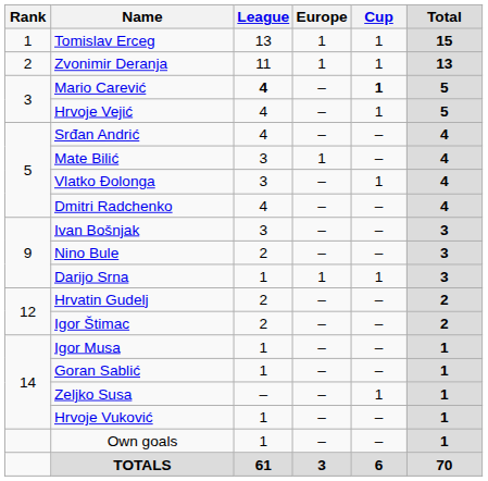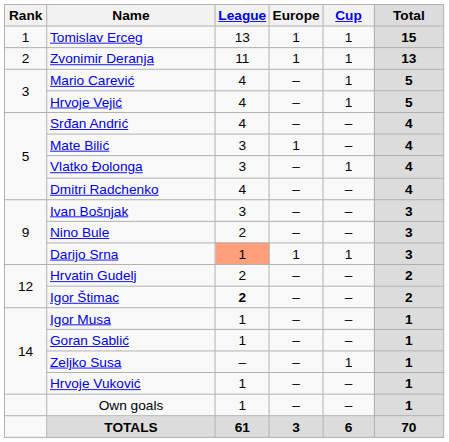 <table class="wikitable" style="font-size: 95%; text-align: center;">
 <tr>
 <th width=40>Rank</th>
 <th width=180>Name</th>
 <th width=50><a href='#'>League</a></th>
 <th width=50>Europe</th>
 <th width=50><a href='#'>Cup</a></th>
 <th width=70 style="background: #DCDCDC">Total</th>
 </tr>
 <tr>
 <td rowspan=1>1</td>
 <td style="text-align:left;"> <a href='#'>Tomislav Erceg</a></td>
 <td>13</td>
 <td>1</td>
 <td>1</td>
 <th style="background: #DCDCDC">15</th>
 </tr>
 <tr>
 <td rowspan=1>2</td>
 <td style="text-align:left;"> <a href='#'>Zvonimir Deranja</a></td>
 <td>11</td>
 <td>1</td>
 <td>1</td>
 <th style="background: #DCDCDC">13</th>
 </tr>
 <tr>
 <td rowspan=2>3</td>
 <td style="text-align:left;"> <a href='#'>Mario Carević</a></td>
-<td><strong>4</strong></td>
+<td>4</td>
 <td>–</td>
-<td><strong>1</strong></td>
+<td>1</td>
 <th style="background: #DCDCDC">5</th>
 </tr>
 <tr>
 <td style="text-align:left;"> <a href='#'>Hrvoje Vejić</a></td>
 <td>4</td>
 <td>–</td>
 <td>1</td>
 <th style="background: #DCDCDC">5</th>
 </tr>
 <tr>
 <td rowspan=4>5</td>
 <td style="text-align:left;"> <a href='#'>Srđan Andrić</a></td>
 <td>4</td>
 <td>–</td>
 <td>–</td>
 <th style="background: #DCDCDC">4</th>
 </tr>
 <tr>
 <td style="text-align:left;"> <a href='#'>Mate Bilić</a></td>
 <td>3</td>
 <td>1</td>
 <td>–</td>
 <th style="background: #DCDCDC">4</th>
 </tr>
 <tr>
 <td style="text-align:left;"> <a href='#'>Vlatko Đolonga</a></td>
 <td>3</td>
 <td>–</td>
 <td>1</td>
 <th style="background: #DCDCDC">4</th>
 </tr>
 <tr>
 <td style="text-align:left;"> <a href='#'>Dmitri Radchenko</a></td>
 <td>4</td>
 <td>–</td>
 <td>–</td>
 <th style="background: #DCDCDC">4</th>
 </tr>
 <tr>
 <td rowspan=3>9</td>
 <td style="text-align:left;"> <a href='#'>Ivan Bošnjak</a></td>
 <td>3</td>
 <td>–</td>
 <td>–</td>
 <th style="background: #DCDCDC">3</th>
 </tr>
 <tr>
 <td style="text-align:left;"> <a href='#'>Nino Bule</a></td>
 <td>2</td>
 <td>–</td>
 <td>–</td>
 <th style="background: #DCDCDC">3</th>
 </tr>
 <tr>
 <td style="text-align:left;"> <a href='#'>Darijo Srna</a></td>
-<td>1</td>
+<td style="background: lightsalmon;">1</td>
 <td>1</td>
 <td>1</td>
 <th style="background: #DCDCDC">3</th>
 </tr>
 <tr>
 <td rowspan=2>12</td>
 <td style="text-align:left;"> <a href='#'>Hrvatin Gudelj</a></td>
 <td>2</td>
 <td>–</td>
 <td>–</td>
 <th style="background: #DCDCDC">2</th>
 </tr>
 <tr>
 <td style="text-align:left;"> <a href='#'>Igor Štimac</a></td>
-<td>2</td>
+<td><strong>2</strong></td>
 <td>–</td>
 <td>–</td>
 <th style="background: #DCDCDC">2</th>
 </tr>
 <tr>
 <td rowspan=4>14</td>
 <td style="text-align:left;"> <a href='#'>Igor Musa</a></td>
 <td>1</td>
 <td>–</td>
 <td>–</td>
 <th style="background: #DCDCDC">1</th>
 </tr>
 <tr>
 <td style="text-align:left;"> <a href='#'>Goran Sablić</a></td>
 <td>1</td>
 <td>–</td>
 <td>–</td>
 <th style="background: #DCDCDC">1</th>
 </tr>
 <tr>
 <td style="text-align:left;"> <a href='#'>Zeljko Susa</a></td>
 <td>–</td>
 <td>–</td>
 <td>1</td>
 <th style="background: #DCDCDC">1</th>
 </tr>
 <tr>
 <td style="text-align:left;"> <a href='#'>Hrvoje Vuković</a></td>
 <td>1</td>
 <td>–</td>
 <td>–</td>
 <th style="background: #DCDCDC">1</th>
 </tr>
 <tr>
 <td></td>
 <td style="text-align:center;">Own goals</td>
 <td>1</td>
 <td>–</td>
 <td>–</td>
 <th style="background: #DCDCDC">1</th>
 </tr>
 <tr>
 <td></td>
 <th style="background: #DCDCDC">TOTALS</th>
 <th style="background: #DCDCDC">61</th>
 <th style="background: #DCDCDC">3</th>
 <th style="background: #DCDCDC">6</th>
 <th style="background: #DCDCDC">70</th>
 </tr>
 </table>
